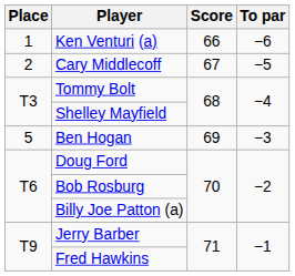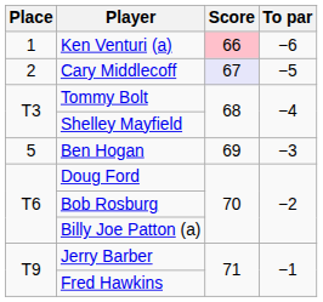 <table class="wikitable">
 <tr>
 <th>Place</th>
 <th>Player</th>
 <th>Score</th>
 <th>To par</th>
 </tr>
 <tr>
 <td align="center">1</td>
 <td> <a href='#'>Ken Venturi</a> <a href='#'>(a)</a></td>
-<td align=center>66</td>
+<td align=center style="background: pink;">66</td>
 <td align="center">−6</td>
 </tr>
 <tr>
 <td align="center">2</td>
 <td> <a href='#'>Cary Middlecoff</a></td>
-<td align=center>67</td>
+<td align=center style="background: lavender;">67</td>
 <td align="center">−5</td>
 </tr>
 <tr>
 <td align=center rowspan=2>T3</td>
 <td> <a href='#'>Tommy Bolt</a></td>
 <td rowspan=2 align=center>68</td>
 <td rowspan=2 align="center">−4</td>
 </tr>
 <tr>
 <td> <a href='#'>Shelley Mayfield</a></td>
 </tr>
 <tr>
 <td align=center>5</td>
 <td> <a href='#'>Ben Hogan</a></td>
 <td align=center>69</td>
 <td align=center>−3</td>
 </tr>
 <tr>
 <td align=center rowspan=3>T6</td>
 <td> <a href='#'>Doug Ford</a></td>
 <td rowspan=3 align=center>70</td>
 <td rowspan=3 align=center>−2</td>
 </tr>
 <tr>
 <td> <a href='#'>Bob Rosburg</a></td>
 </tr>
 <tr>
 <td> <a href='#'>Billy Joe Patton</a> (a)</td>
 </tr>
 <tr>
 <td rowspan="2" align="center">T9</td>
 <td> <a href='#'>Jerry Barber</a></td>
 <td rowspan=2 align=center>71</td>
 <td rowspan=2 align=center>−1</td>
 </tr>
 <tr>
 <td> <a href='#'>Fred Hawkins</a></td>
 </tr>
 </table>
